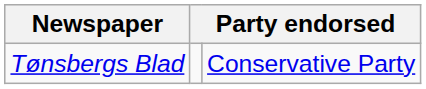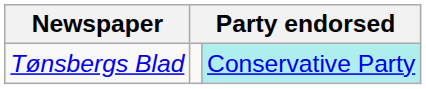 <table class="wikitable">
 <tr>
 <th>Newspaper</th>
 <th colspan=2>Party endorsed</th>
 </tr>
 <tr>
 <td><em><a href='#'>Tønsbergs Blad</a></em></td>
 <td bgcolor=></td>
-<td><a href='#'>Conservative Party</a></td>
+<td style="background: paleturquoise;"><a href='#'>Conservative Party</a></td>
 </tr>
 </table>
